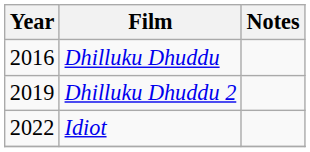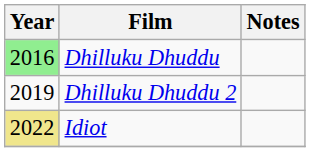 <table class="wikitable sortable">
 <tr>
 <th>Year</th>
 <th>Film</th>
 <th>Notes</th>
 </tr>
 <tr>
-<td>2016</td>
+<td style="background: lightgreen;">2016</td>
 <td><em><a href='#'>Dhilluku Dhuddu</a></em></td>
 <td></td>
 </tr>
 <tr>
 <td>2019</td>
 <td><em><a href='#'>Dhilluku Dhuddu 2</a></em></td>
 <td></td>
 </tr>
 <tr>
-<td>2022</td>
+<td style="background: khaki;">2022</td>
 <td><em><a href='#'>Idiot</a></em></td>
 <td></td>
 </tr>
 <tr>
 </tr>
 </table>
